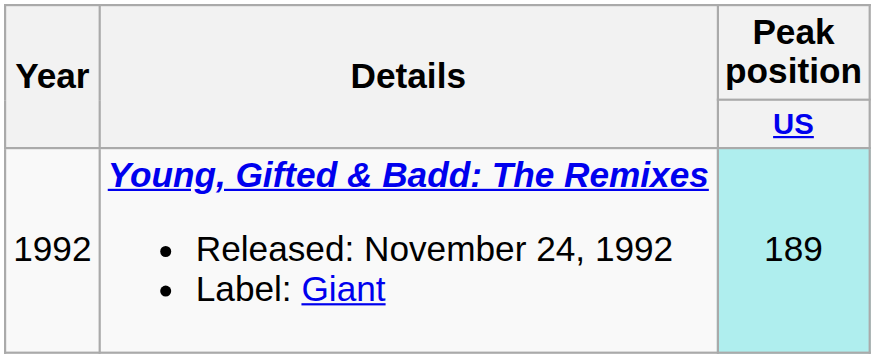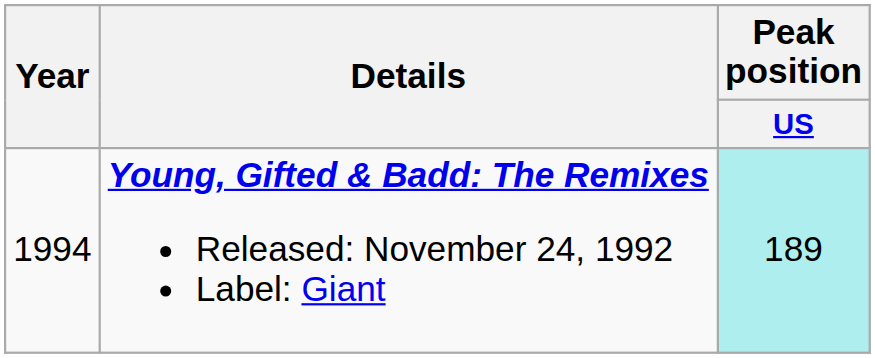 <table class="wikitable" style="text-align:center;">
 <tr>
 <th rowspan="2">Year</th>
 <th rowspan="2">Details</th>
 <th colspan="1">Peak position</th>
 </tr>
 <tr style="font-size:smaller;">
 <th width="30"><a href='#'>US</a><br></th>
 </tr>
 <tr>
-<td>1992</td>
+<td>1994</td>
 <td align="left"><strong><em><a href='#'>Young, Gifted & Badd: The Remixes</a></em></strong><br><ul><li>Released: November 24, 1992</li><li>Label: <a href='#'>Giant</a></li></ul></td>
 <td style="background: paleturquoise;">189</td>
 </tr>
 </table>
